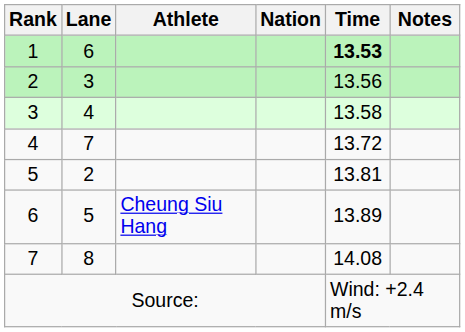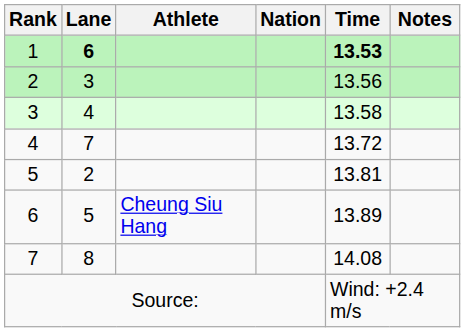 <table class="wikitable sortable" style="text-align:center;width: 60%;">
 <tr>
 <th scope="col" style="width: 10px;">Rank</th>
 <th scope="col" style="width: 10px;">Lane</th>
 <th scope="col">Athlete</th>
 <th scope="col">Nation</th>
 <th scope="col">Time</th>
 <th scope="col">Notes</th>
 </tr>
 <tr bgcolor=bbf3bb>
 <td>1</td>
-<td>6</td>
+<td><strong>6</strong></td>
 <td align=left></td>
 <td align=left></td>
 <td><strong>13.53</strong></td>
 <td></td>
 </tr>
 <tr bgcolor=bbf3bb>
 <td>2</td>
 <td>3</td>
 <td align=left></td>
 <td align=left></td>
 <td>13.56</td>
 <td></td>
 </tr>
 <tr bgcolor=ddffdd>
 <td>3</td>
 <td>4</td>
 <td align=left></td>
 <td align=left></td>
 <td>13.58</td>
 <td></td>
 </tr>
 <tr>
 <td>4</td>
 <td>7</td>
 <td align=left></td>
 <td align=left></td>
 <td>13.72</td>
 <td></td>
 </tr>
 <tr>
 <td>5</td>
 <td>2</td>
 <td align=left></td>
 <td align=left></td>
 <td>13.81</td>
 <td></td>
 </tr>
 <tr>
 <td>6</td>
 <td>5</td>
 <td align=left><a href='#'>Cheung Siu Hang</a></td>
 <td align=left></td>
 <td>13.89</td>
 <td></td>
 </tr>
 <tr>
 <td>7</td>
 <td>8</td>
 <td align=left></td>
 <td align=left></td>
 <td>14.08</td>
 <td></td>
 </tr>
 <tr class="sortbottom">
 <td colspan="4">Source:</td>
 <td colspan="2" style="text-align:left;">Wind: +2.4 m/s</td>
 </tr>
 </table>
